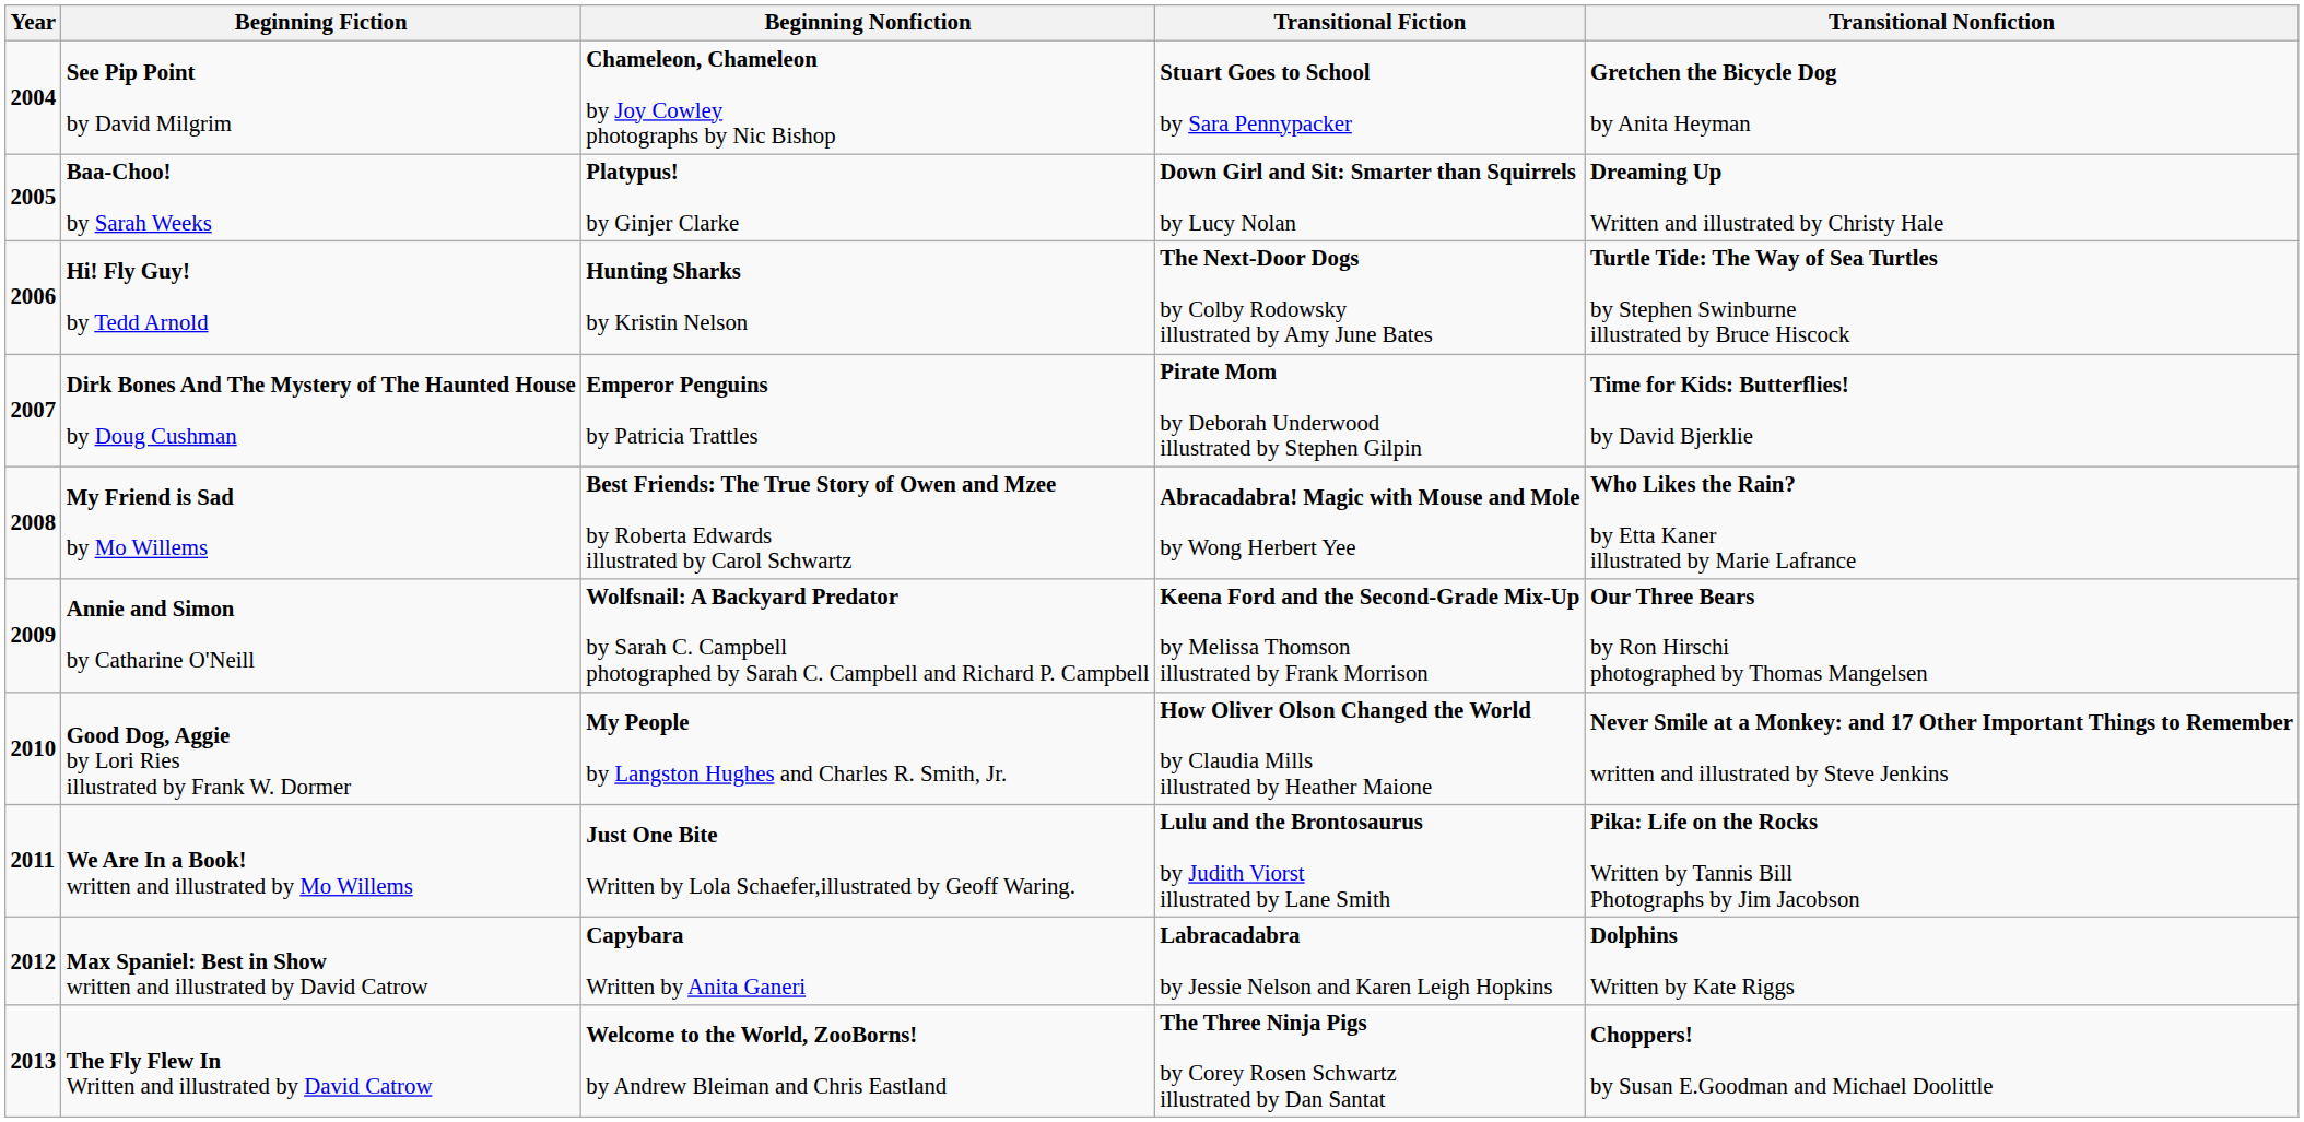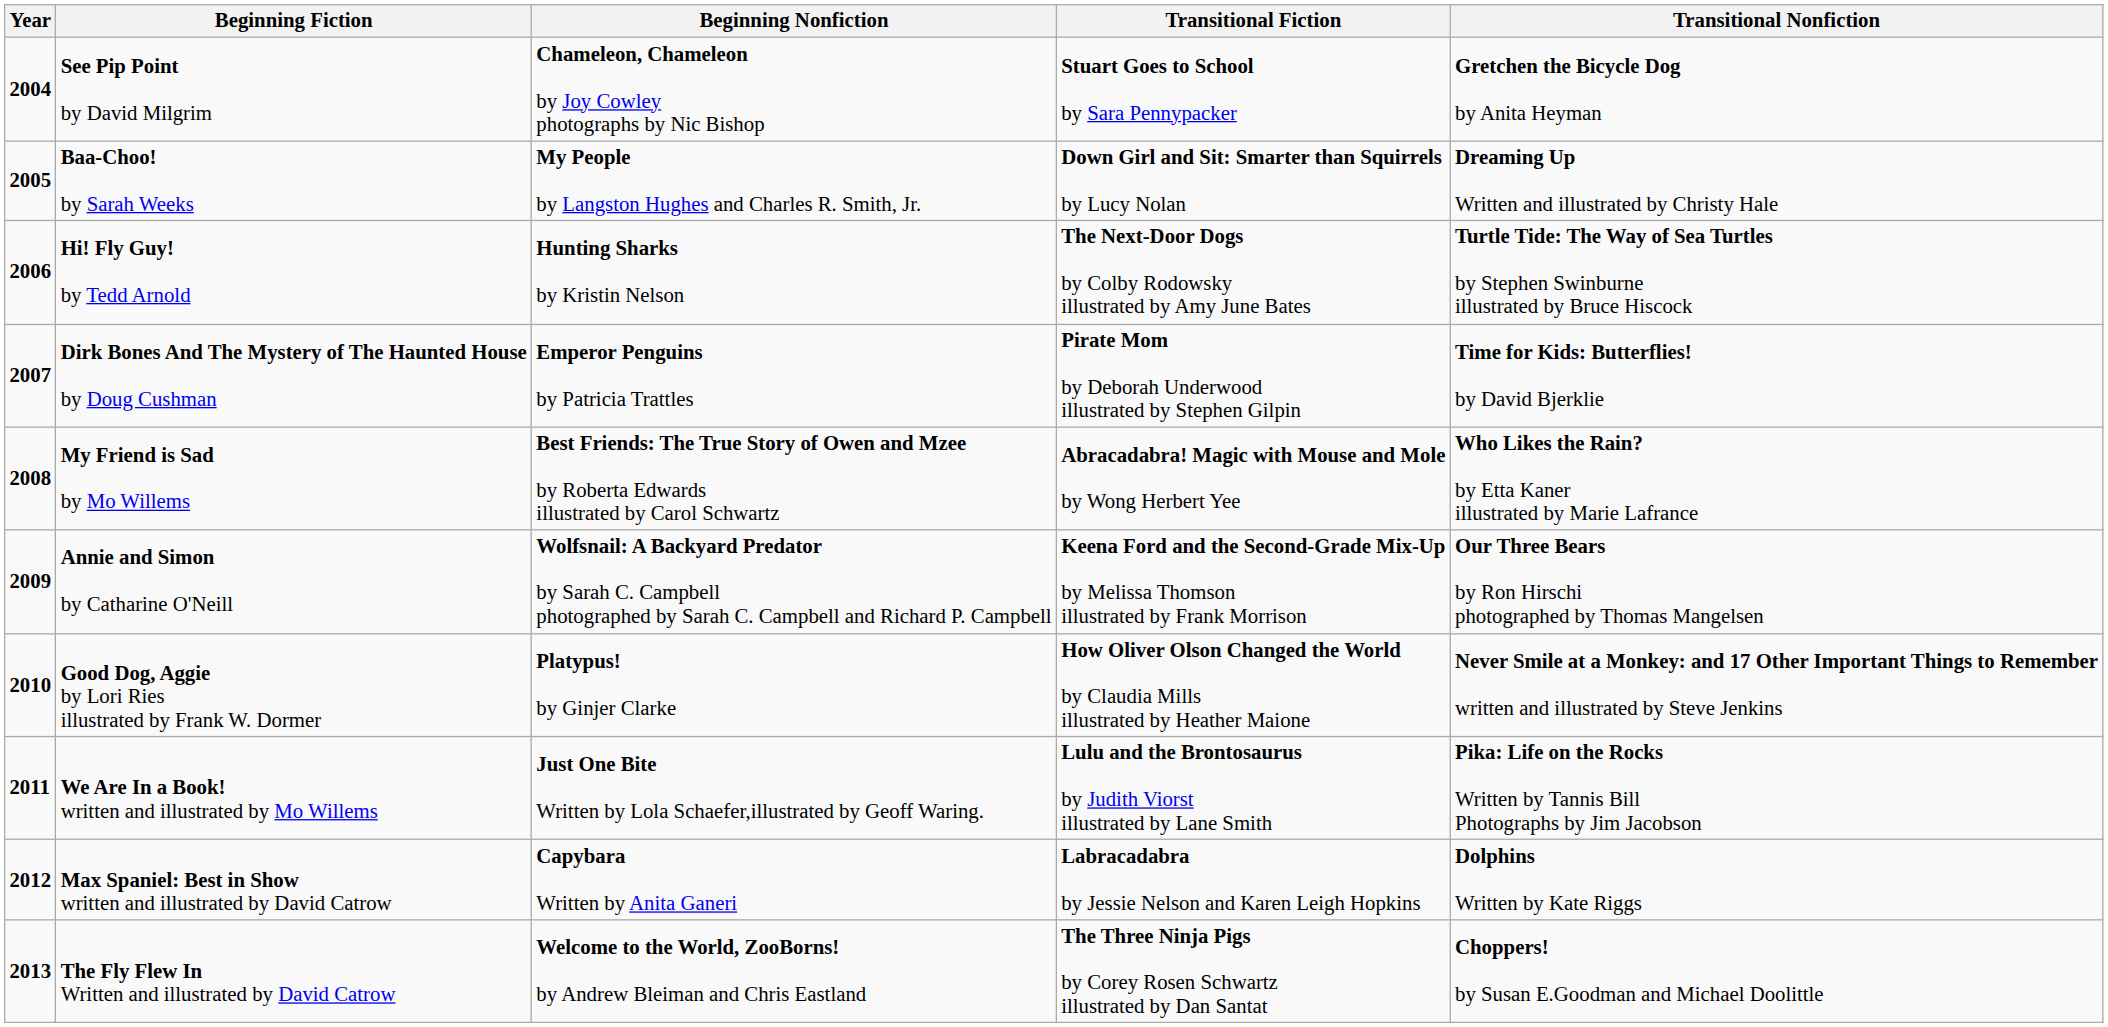 <table class="wikitable">
 <tr>
 <th><strong>Year</strong></th>
 <th><strong>Beginning Fiction</strong></th>
 <th><strong>Beginning Nonfiction</strong></th>
 <th><strong>Transitional Fiction</strong></th>
 <th><strong>Transitional Nonfiction</strong></th>
 </tr>
 <tr>
 <td><strong>2004</strong></td>
 <td><strong>See Pip Point</strong> <br><br>by David Milgrim</td>
 <td><strong>Chameleon, Chameleon</strong> <br><br>by <a href='#'>Joy Cowley</a><br> photographs by Nic Bishop</td>
 <td><strong>Stuart Goes to School</strong> <br><br>by <a href='#'>Sara Pennypacker</a></td>
 <td><strong>Gretchen the Bicycle Dog</strong> <br><br>by Anita Heyman</td>
 </tr>
 <tr>
 <td><strong>2005</strong></td>
 <td><strong>Baa-Choo!</strong>  <br><br>by <a href='#'>Sarah Weeks</a></td>
-<td><strong>Platypus!</strong> <br><br>by Ginjer Clarke</td>
+<td><strong>My People</strong><br><br>by <a href='#'>Langston Hughes</a> and Charles R. Smith, Jr.</td>
 <td><strong>Down Girl and Sit: Smarter than Squirrels</strong> <br><br>by Lucy Nolan</td>
 <td><strong>Dreaming Up</strong><br><br>Written and illustrated by Christy Hale <br></td>
 </tr>
 <tr>
 <td><strong>2006</strong></td>
 <td><strong>Hi! Fly Guy!</strong> <br><br>by <a href='#'>Tedd Arnold</a></td>
 <td><strong>Hunting Sharks</strong> <br><br>by Kristin Nelson</td>
 <td><strong>The Next-Door Dogs</strong> <br><br>by Colby Rodowsky<br> illustrated by Amy June Bates</td>
 <td><strong>Turtle Tide: The Way of Sea Turtles</strong> <br><br>by Stephen Swinburne<br> illustrated by Bruce Hiscock</td>
 </tr>
 <tr>
 <td><strong> 2007</strong></td>
 <td><strong>Dirk Bones And The Mystery of The Haunted House</strong> <br><br>by <a href='#'>Doug Cushman</a></td>
 <td><strong>Emperor Penguins</strong> <br><br>by Patricia Trattles</td>
 <td><strong>Pirate Mom</strong> <br><br>by Deborah Underwood<br> illustrated by Stephen Gilpin</td>
 <td><strong>Time for Kids: Butterflies!</strong> <br><br>by David Bjerklie</td>
 </tr>
 <tr>
 <td><strong>2008</strong></td>
 <td><strong> My Friend is Sad</strong> <br><br>by <a href='#'>Mo Willems</a></td>
 <td><strong>Best Friends: The True Story of Owen and Mzee</strong> <br><br>by Roberta Edwards<br> illustrated by Carol Schwartz</td>
 <td><strong>Abracadabra! Magic with Mouse and Mole</strong> <br><br>by Wong Herbert Yee</td>
 <td><strong>Who Likes the Rain?</strong> <br><br>by Etta Kaner<br> illustrated by Marie Lafrance</td>
 </tr>
 <tr>
 <td><strong>2009</strong></td>
 <td><strong>Annie and Simon</strong> <br><br>by Catharine O'Neill</td>
 <td><strong>Wolfsnail: A Backyard Predator</strong> <br><br>by Sarah C. Campbell<br> photographed by Sarah C. Campbell and Richard P. Campbell</td>
 <td><strong>Keena Ford and the Second-Grade Mix-Up</strong> <br><br>by Melissa Thomson<br> illustrated by Frank Morrison</td>
 <td><strong>Our Three Bears</strong> <br><br>by Ron Hirschi<br> photographed by Thomas Mangelsen</td>
 </tr>
 <tr>
 <td><strong>2010</strong></td>
 <td><br><strong>Good Dog, Aggie</strong><br> by Lori Ries<br> illustrated by Frank W. Dormer</td>
-<td><strong>My People</strong><br><br>by <a href='#'>Langston Hughes</a> and Charles R. Smith, Jr.</td>
+<td><strong>Platypus!</strong> <br><br>by Ginjer Clarke</td>
 <td><strong>How Oliver Olson Changed the World</strong> <br><br>by Claudia Mills<br> illustrated by Heather Maione</td>
 <td><strong>Never Smile at a Monkey: and 17 Other Important Things to Remember</strong><br><br>written and illustrated by Steve Jenkins</td>
 </tr>
 <tr>
 <td><strong>2011</strong></td>
 <td><br><strong>We Are In a Book!</strong><br> written and illustrated by <a href='#'>Mo Willems</a><br></td>
 <td><strong>Just One Bite</strong><br><br>Written by Lola Schaefer,illustrated by Geoff Waring.</td>
 <td><strong>Lulu and the Brontosaurus</strong> <br><br>by <a href='#'>Judith Viorst</a> <br> illustrated by Lane Smith</td>
 <td><strong>Pika: Life on the Rocks</strong><br><br>Written by Tannis Bill <br> Photographs by Jim Jacobson</td>
 </tr>
 <tr>
 <td><strong>2012</strong></td>
 <td><br><strong>Max Spaniel:  Best in Show</strong><br> written and illustrated by David Catrow<br></td>
 <td><strong>Capybara</strong><br><br>Written by <a href='#'>Anita Ganeri</a></td>
 <td><strong>Labracadabra</strong> <br><br>by Jessie Nelson and Karen Leigh Hopkins <br></td>
 <td><strong>Dolphins</strong><br><br>Written by Kate Riggs <br></td>
 </tr>
 <tr>
 <td><strong>2013</strong></td>
 <td><br><strong>The Fly Flew In</strong><br> Written and illustrated by <a href='#'>David Catrow</a><br></td>
 <td><strong>Welcome to the World, ZooBorns!</strong><br><br>by Andrew Bleiman and Chris Eastland <br></td>
 <td><strong>The Three Ninja Pigs</strong> <br><br>by Corey Rosen Schwartz <br>illustrated by Dan Santat <br></td>
 <td><strong>Choppers!</strong> <br><br>by Susan E.Goodman and Michael Doolittle</td>
 </tr>
 <tr>
 </tr>
 </table>
